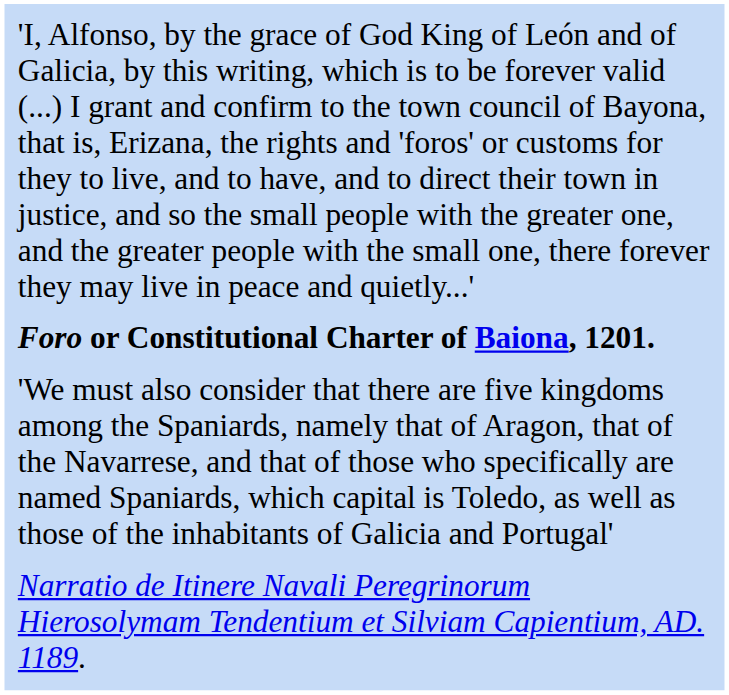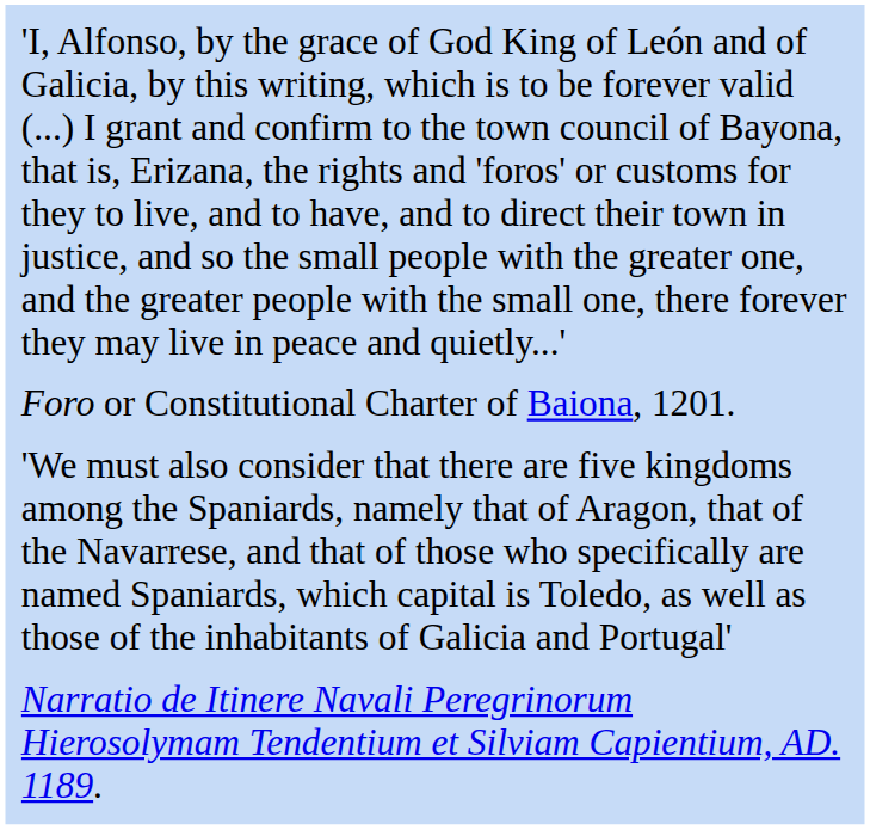 <table class="toccolours" style="float: right; margin-left: 1em; margin-right: 1em; font-size: 87%; background:#c6dbf7; color:black; width:23em; max-width: 25%;" cellspacing="5">
 <tr>
 <td>'I, Alfonso, by the grace of God King of León and of Galicia, by this writing, which is to be forever valid (...) I grant and confirm to the town council of Bayona, that is, Erizana, the rights and 'foros' or customs for they to live, and to have, and to direct their town in justice, and so the small people with the greater one, and the greater people with the small one, there forever they may live in peace and quietly...'</td>
 </tr>
 <tr>
-<td><strong><em>Foro</em> or Constitutional Charter of <a href='#'>Baiona</a>, 1201.</strong></td>
+<td><em>Foro</em> or Constitutional Charter of <a href='#'>Baiona</a>, 1201.</td>
 </tr>
 <tr>
 <td>'We must also consider that there are five kingdoms among the Spaniards, namely that of Aragon, that of the Navarrese, and that of those who specifically are named Spaniards, which capital is Toledo, as well as those of the inhabitants of Galicia and Portugal'</td>
 </tr>
 <tr>
 <td><em><a href='#'>Narratio de Itinere Navali Peregrinorum Hierosolymam Tendentium et Silviam Capientium, AD. 1189</a></em>.</td>
 </tr>
 </table>
